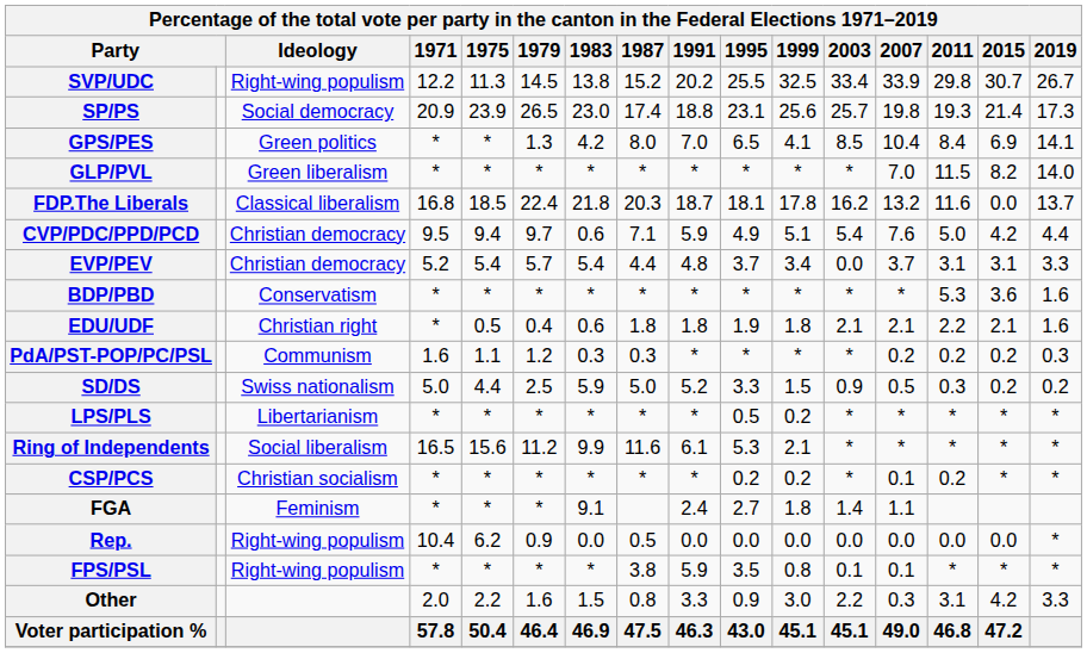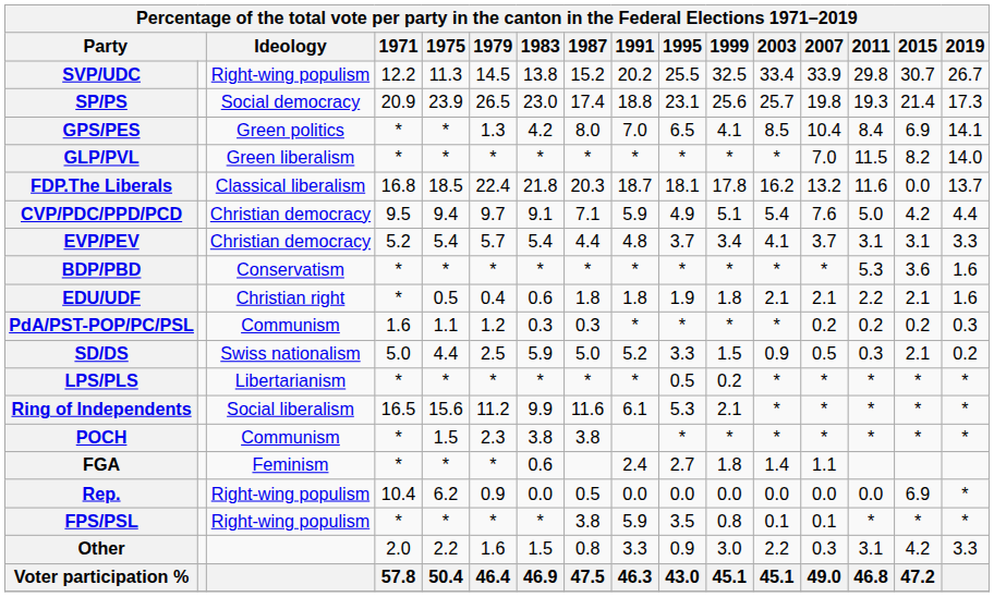 <table class="wikitable sortable" style ="text-align: center">
 <tr>
 <th colspan="16">Percentage of the total vote per party in the canton in the Federal Elections 1971–2019</th>
 </tr>
 <tr>
 <th colspan="2">Party</th>
 <th class="unsortable">Ideology</th>
 <th>1971</th>
 <th>1975</th>
 <th>1979</th>
 <th>1983</th>
 <th>1987</th>
 <th>1991</th>
 <th>1995</th>
 <th>1999</th>
 <th>2003</th>
 <th>2007</th>
 <th>2011</th>
 <th>2015</th>
 <th>2019</th>
 </tr>
 <tr>
 <th><a href='#'>SVP/UDC</a></th>
 <td style="color:inherit;background:"></td>
 <td><a href='#'>Right-wing populism</a></td>
 <td>12.2</td>
 <td>11.3</td>
 <td>14.5</td>
 <td>13.8</td>
 <td>15.2</td>
 <td>20.2</td>
 <td>25.5</td>
 <td>32.5</td>
 <td>33.4</td>
 <td>33.9</td>
 <td>29.8</td>
 <td>30.7</td>
 <td>26.7</td>
 </tr>
 <tr>
 <th><a href='#'>SP/PS</a></th>
 <td style="color:inherit;background:"></td>
 <td><a href='#'>Social democracy</a></td>
 <td>20.9</td>
 <td>23.9</td>
 <td>26.5</td>
 <td>23.0</td>
 <td>17.4</td>
 <td>18.8</td>
 <td>23.1</td>
 <td>25.6</td>
 <td>25.7</td>
 <td>19.8</td>
 <td>19.3</td>
 <td>21.4</td>
 <td>17.3</td>
 </tr>
 <tr>
 <th><a href='#'>GPS/PES</a></th>
 <td style="color:inherit;background:"></td>
 <td><a href='#'>Green politics</a></td>
 <td>*</td>
 <td>*</td>
 <td>1.3</td>
 <td>4.2</td>
 <td>8.0</td>
 <td>7.0</td>
 <td>6.5</td>
 <td>4.1</td>
 <td>8.5</td>
 <td>10.4</td>
 <td>8.4</td>
 <td>6.9</td>
 <td>14.1</td>
 </tr>
 <tr>
 <th><a href='#'>GLP/PVL</a></th>
 <td style="color:inherit;background:"></td>
 <td><a href='#'>Green liberalism</a></td>
 <td>*</td>
 <td>*</td>
 <td>*</td>
 <td>*</td>
 <td>*</td>
 <td>*</td>
 <td>*</td>
 <td>*</td>
 <td>*</td>
 <td>7.0</td>
 <td>11.5</td>
 <td>8.2</td>
 <td>14.0</td>
 </tr>
 <tr>
 <th><a href='#'>FDP.The Liberals</a></th>
 <td style="color:inherit;background:"></td>
 <td><a href='#'>Classical liberalism</a></td>
 <td>16.8</td>
 <td>18.5</td>
 <td>22.4</td>
 <td>21.8</td>
 <td>20.3</td>
 <td>18.7</td>
 <td>18.1</td>
 <td>17.8</td>
 <td>16.2</td>
 <td>13.2</td>
 <td>11.6</td>
 <td>0.0</td>
 <td>13.7</td>
 </tr>
 <tr>
 <th><a href='#'>CVP/PDC/PPD/PCD</a></th>
 <td style="color:inherit;background:"></td>
 <td><a href='#'>Christian democracy</a></td>
 <td>9.5</td>
 <td>9.4</td>
 <td>9.7</td>
-<td>0.6</td>
+<td>9.1</td>
 <td>7.1</td>
 <td>5.9</td>
 <td>4.9</td>
 <td>5.1</td>
 <td>5.4</td>
 <td>7.6</td>
 <td>5.0</td>
 <td>4.2</td>
 <td>4.4</td>
 </tr>
 <tr>
 <th><a href='#'>EVP/PEV</a></th>
 <td style="color:inherit;background:"></td>
 <td><a href='#'>Christian democracy</a></td>
 <td>5.2</td>
 <td>5.4</td>
 <td>5.7</td>
 <td>5.4</td>
 <td>4.4</td>
 <td>4.8</td>
 <td>3.7</td>
 <td>3.4</td>
-<td>0.0</td>
+<td>4.1</td>
 <td>3.7</td>
 <td>3.1</td>
 <td>3.1</td>
 <td>3.3</td>
 </tr>
 <tr>
 <th><a href='#'>BDP/PBD</a></th>
 <td style="color:inherit;background:"></td>
 <td><a href='#'>Conservatism</a></td>
 <td>*</td>
 <td>*</td>
 <td>*</td>
 <td>*</td>
 <td>*</td>
 <td>*</td>
 <td>*</td>
 <td>*</td>
 <td>*</td>
 <td>*</td>
 <td>5.3</td>
 <td>3.6</td>
 <td>1.6</td>
 </tr>
 <tr>
 <th><a href='#'>EDU/UDF</a></th>
 <td style="color:inherit;background:"></td>
 <td><a href='#'>Christian right</a></td>
 <td>*</td>
 <td>0.5</td>
 <td>0.4</td>
 <td>0.6</td>
 <td>1.8</td>
 <td>1.8</td>
 <td>1.9</td>
 <td>1.8</td>
 <td>2.1</td>
 <td>2.1</td>
 <td>2.2</td>
 <td>2.1</td>
 <td>1.6</td>
 </tr>
 <tr>
 <th><a href='#'>PdA/PST-POP/PC/PSL</a></th>
 <td style="color:inherit;background:"></td>
 <td><a href='#'>Communism</a></td>
 <td>1.6</td>
 <td>1.1</td>
 <td>1.2</td>
 <td>0.3</td>
 <td>0.3</td>
 <td>*</td>
 <td>*</td>
 <td>*</td>
 <td>*</td>
 <td>0.2</td>
 <td>0.2</td>
 <td>0.2</td>
 <td>0.3</td>
 </tr>
 <tr>
 <th><a href='#'>SD/DS</a></th>
 <td style="color:inherit;background:"></td>
 <td><a href='#'>Swiss nationalism</a></td>
 <td>5.0</td>
 <td>4.4</td>
 <td>2.5</td>
 <td>5.9</td>
 <td>5.0</td>
 <td>5.2</td>
 <td>3.3</td>
 <td>1.5</td>
 <td>0.9</td>
 <td>0.5</td>
 <td>0.3</td>
-<td>0.2</td>
+<td>2.1</td>
 <td>0.2</td>
 </tr>
 <tr>
 <th><a href='#'>LPS/PLS</a></th>
 <td style="color:inherit;background:"></td>
 <td><a href='#'>Libertarianism</a></td>
 <td>* </td>
 <td>*</td>
 <td>*</td>
 <td>*</td>
 <td>*</td>
 <td>*</td>
 <td>0.5</td>
 <td>0.2</td>
 <td>*</td>
 <td>*</td>
 <td>*</td>
 <td>*</td>
 <td>*</td>
 </tr>
 <tr>
 <th><a href='#'>Ring of Independents</a></th>
 <td></td>
 <td><a href='#'>Social liberalism</a></td>
 <td>16.5</td>
 <td>15.6</td>
 <td>11.2</td>
 <td>9.9</td>
 <td>11.6</td>
 <td>6.1</td>
 <td>5.3</td>
 <td>2.1</td>
 <td>*</td>
 <td>*</td>
 <td>*</td>
 <td>*</td>
 <td>*</td>
 </tr>
 <tr>
-<th><a href='#'>CSP/PCS</a></th>
-<td style="color:inherit;background:"></td>
-<td><a href='#'>Christian socialism</a></td>
+<th><a href='#'>POCH</a></th>
+<td></td>
+<td><a href='#'>Communism</a></td>
+<td>*</td>
+<td>1.5</td>
+<td>2.3</td>
+<td>3.8</td>
+<td>3.8</td>
+<td></td>
 <td>*</td>
 <td>*</td>
 <td>*</td>
 <td>*</td>
 <td>*</td>
-<td>*</td>
-<td>0.2</td>
-<td>0.2</td>
-<td>*</td>
-<td>0.1</td>
-<td>0.2</td>
 <td>*</td>
 <td>*</td>
 </tr>
 <tr>
 <th>FGA</th>
 <td></td>
 <td><a href='#'>Feminism</a></td>
 <td>*</td>
 <td>*</td>
 <td>*</td>
-<td>9.1</td>
+<td>0.6</td>
 <td></td>
 <td>2.4</td>
 <td>2.7</td>
 <td>1.8</td>
 <td>1.4</td>
 <td>1.1</td>
 <td></td>
 <td></td>
 <td></td>
 </tr>
 <tr>
 <th><a href='#'>Rep.</a></th>
 <td></td>
 <td><a href='#'>Right-wing populism</a></td>
 <td>10.4</td>
 <td>6.2</td>
 <td>0.9</td>
 <td>0.0</td>
 <td>0.5</td>
 <td>0.0</td>
 <td>0.0</td>
 <td>0.0</td>
 <td>0.0</td>
 <td>0.0</td>
 <td>0.0</td>
-<td>0.0</td>
+<td>6.9</td>
 <td>*</td>
 </tr>
 <tr>
 <th><a href='#'>FPS/PSL</a></th>
 <td style="color:inherit;background:"></td>
 <td><a href='#'>Right-wing populism</a></td>
 <td>*</td>
 <td>*</td>
 <td>*</td>
 <td>*</td>
 <td>3.8</td>
 <td>5.9</td>
 <td>3.5</td>
 <td>0.8</td>
 <td>0.1</td>
 <td>0.1</td>
 <td>*</td>
 <td>*</td>
 <td>*</td>
 </tr>
 <tr>
 <th>Other</th>
 <td></td>
 <td></td>
 <td>2.0</td>
 <td>2.2</td>
 <td>1.6</td>
 <td>1.5</td>
 <td>0.8</td>
 <td>3.3</td>
 <td>0.9</td>
 <td>3.0</td>
 <td>2.2</td>
 <td>0.3</td>
 <td>3.1</td>
 <td>4.2</td>
 <td>3.3</td>
 </tr>
 <tr>
 <th>Voter participation %</th>
 <th></th>
 <th></th>
 <th>57.8</th>
 <th>50.4</th>
 <th>46.4</th>
 <th>46.9</th>
 <th>47.5</th>
 <th>46.3</th>
 <th>43.0</th>
 <th>45.1</th>
 <th>45.1</th>
 <th>49.0</th>
 <th>46.8</th>
 <th>47.2</th>
 <th></th>
 </tr>
 <tr>
 </tr>
 </table>
